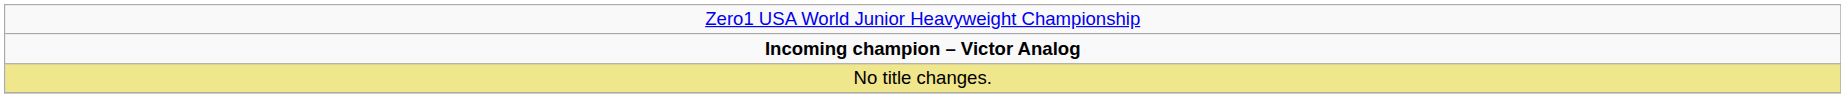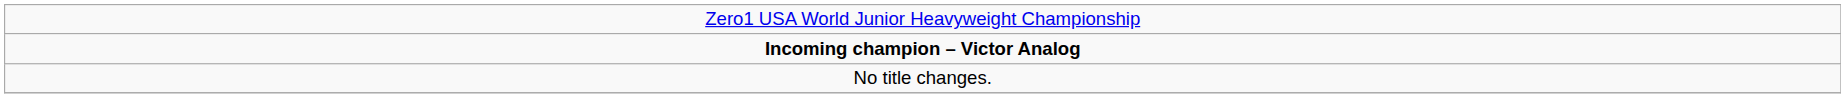 <table class="wikitable" style="text-align:center; width:100%;">
 <tr>
 <td colspan="5" style="text-align: center;"><a href='#'>Zero1 USA World Junior Heavyweight Championship</a></td>
 </tr>
 <tr>
 <td colspan="5" style="text-align: center;"><strong>Incoming champion – Victor Analog</strong></td>
 </tr>
 <tr>
-<td style="background: khaki;">No title changes.</td>
+<td>No title changes.</td>
 </tr>
 <tr>
 </tr>
 </table>
